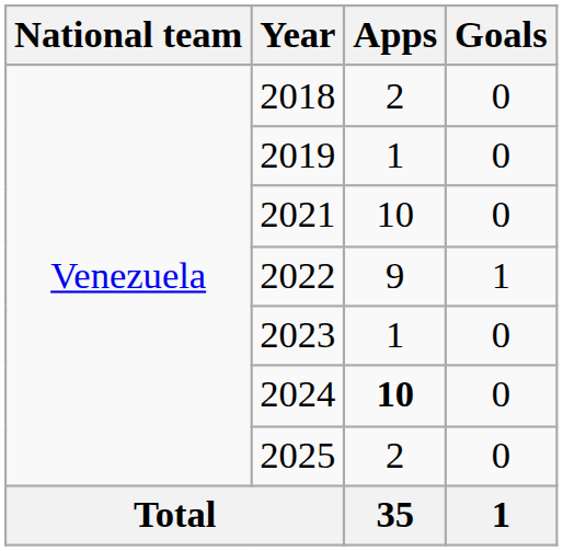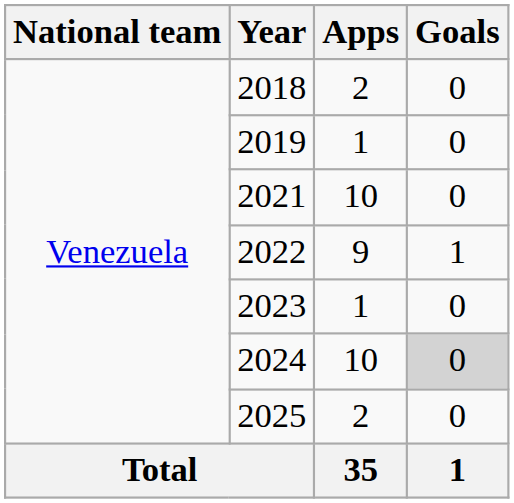 <table class="wikitable" style="text-align: center;">
 <tr>
 <th>National team</th>
 <th>Year</th>
 <th>Apps</th>
 <th>Goals</th>
 </tr>
 <tr>
 <td rowspan="7" valign="center"><a href='#'>Venezuela</a></td>
 <td>2018</td>
 <td>2</td>
 <td>0</td>
 </tr>
 <tr>
 <td>2019</td>
 <td>1</td>
 <td>0</td>
 </tr>
 <tr>
 <td>2021</td>
 <td>10</td>
 <td>0</td>
 </tr>
 <tr>
 <td>2022</td>
 <td>9</td>
 <td>1</td>
 </tr>
 <tr>
 <td>2023</td>
 <td>1</td>
 <td>0</td>
 </tr>
 <tr>
 <td>2024</td>
-<td><strong>10</strong></td>
-<td>0</td>
+<td>10</td>
+<td style="background: lightgrey;">0</td>
 </tr>
 <tr>
 <td>2025</td>
 <td>2</td>
 <td>0</td>
 </tr>
 <tr>
 <th colspan="2">Total</th>
 <th>35</th>
 <th>1</th>
 </tr>
 </table>
